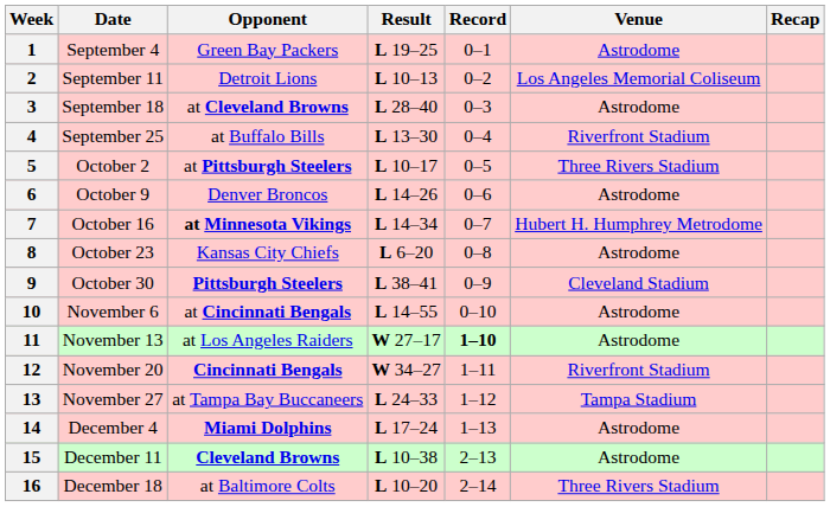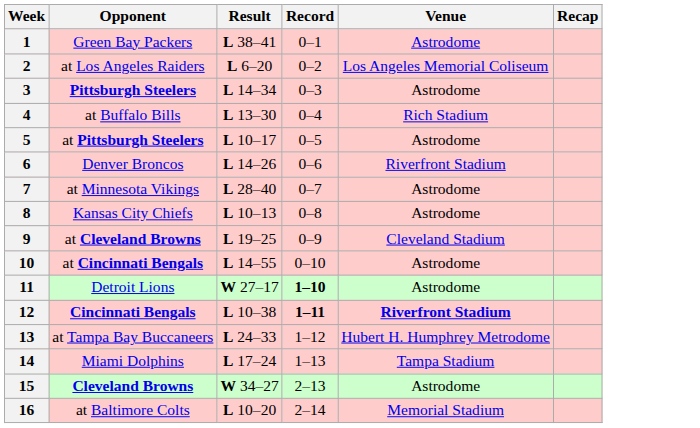 <table class="wikitable" style="text-align:center">
 <tr>
 <th>Week</th>
-<th>Date</th>
 <th>Opponent</th>
 <th>Result</th>
 <th>Record</th>
 <th>Venue</th>
 <th>Recap</th>
 </tr>
 <tr style="background: #fcc;">
 <th>1</th>
-<td>September 4</td>
 <td><a href='#'>Green Bay Packers</a></td>
-<td><strong>L</strong> 19–25 </td>
+<td><strong>L</strong> 38–41 </td>
 <td>0–1</td>
 <td><a href='#'>Astrodome</a></td>
 <td></td>
 </tr>
 <tr style="background: #fcc;">
 <th>2</th>
-<td>September 11</td>
-<td><a href='#'>Detroit Lions</a></td>
-<td><strong>L</strong> 10–13 </td>
+<td>at <a href='#'>Los Angeles Raiders</a></td>
+<td><strong> L</strong>  6–20</td>
 <td>0–2</td>
 <td><a href='#'>Los Angeles Memorial Coliseum</a></td>
 <td></td>
 </tr>
 <tr style="background: #fcc;">
 <th>3</th>
-<td>September 18</td>
-<td>at <strong><a href='#'>Cleveland Browns</a></strong></td>
-<td><strong>L</strong> 28–40</td>
+<td><strong><a href='#'>Pittsburgh Steelers</a></strong></td>
+<td><strong>L</strong> 14–34</td>
 <td>0–3</td>
 <td>Astrodome</td>
 <td></td>
 </tr>
 <tr style="background: #fcc">
 <th>4</th>
-<td>September 25</td>
 <td>at <a href='#'>Buffalo Bills</a></td>
 <td><strong>L</strong> 13–30</td>
 <td>0–4</td>
+<td><a href='#'>Rich Stadium</a></td>
+<td></td>
+</tr>
+<tr style="background: #fcc;">
+<th>5</th>
+<td>at <strong><a href='#'>Pittsburgh Steelers</a></strong></td>
+<td><strong>L</strong> 10–17</td>
+<td>0–5</td>
+<td>Astrodome</td>
+<td></td>
+</tr>
+<tr style="background: #fcc">
+<th>6</th>
+<td><a href='#'>Denver Broncos</a></td>
+<td><strong>L</strong> 14–26</td>
+<td>0–6</td>
 <td><a href='#'>Riverfront Stadium</a></td>
 <td></td>
 </tr>
 <tr style="background: #fcc;">
-<th>5</th>
-<td>October 2</td>
-<td>at <strong><a href='#'>Pittsburgh Steelers</a></strong></td>
-<td><strong>L</strong> 10–17</td>
-<td>0–5</td>
-<td><a href='#'>Three Rivers Stadium</a></td>
-<td></td>
-</tr>
-<tr style="background: #fcc">
-<th>6</th>
-<td>October 9</td>
-<td><a href='#'>Denver Broncos</a></td>
-<td><strong>L</strong> 14–26</td>
-<td>0–6</td>
+<th>7</th>
+<td>at <a href='#'>Minnesota Vikings</a></td>
+<td><strong>L</strong> 28–40</td>
+<td>0–7</td>
 <td>Astrodome</td>
 <td></td>
 </tr>
 <tr style="background: #fcc;">
-<th>7</th>
-<td>October 16</td>
-<td><strong>at <a href='#'>Minnesota Vikings</a></strong></td>
-<td><strong>L</strong> 14–34</td>
-<td>0–7</td>
-<td><a href='#'>Hubert H. Humphrey Metrodome</a></td>
-<td></td>
-</tr>
-<tr style="background: #fcc;">
 <th>8</th>
-<td>October 23</td>
 <td><a href='#'>Kansas City Chiefs</a></td>
-<td><strong> L</strong>  6–20</td>
+<td><strong>L</strong> 10–13 </td>
 <td>0–8</td>
 <td>Astrodome</td>
 <td></td>
 </tr>
 <tr style="background: #fcc;">
 <th>9</th>
-<td>October 30</td>
-<td><strong><a href='#'>Pittsburgh Steelers</a></strong></td>
-<td><strong>L</strong> 38–41 </td>
+<td>at <strong><a href='#'>Cleveland Browns</a></strong></td>
+<td><strong>L</strong> 19–25 </td>
 <td>0–9</td>
 <td><a href='#'>Cleveland Stadium</a></td>
 <td></td>
 </tr>
 <tr style="background: #fcc;">
 <th>10</th>
-<td>November 6</td>
 <td>at <strong><a href='#'>Cincinnati Bengals</a></strong></td>
 <td><strong>L</strong> 14–55</td>
 <td>0–10</td>
 <td>Astrodome</td>
 <td></td>
 </tr>
 <tr style="background: #cfc;">
 <th>11</th>
-<td>November 13</td>
-<td>at <a href='#'>Los Angeles Raiders</a></td>
+<td><a href='#'>Detroit Lions</a></td>
 <td><strong>W</strong> 27–17</td>
 <td><strong>1–10</strong></td>
 <td>Astrodome</td>
 <td></td>
 </tr>
 <tr style="background: #fcc;">
 <th>12</th>
-<td>November 20</td>
 <td><strong><a href='#'>Cincinnati Bengals</a></strong></td>
-<td><strong>W</strong> 34–27</td>
-<td>1–11</td>
-<td><a href='#'>Riverfront Stadium</a></td>
+<td><strong>L</strong> 10–38</td>
+<td><strong>1–11</strong></td>
+<td><strong><a href='#'>Riverfront Stadium</a></strong></td>
 <td></td>
 </tr>
 <tr style="background: #fcc;">
 <th>13</th>
-<td>November 27</td>
 <td>at <a href='#'>Tampa Bay Buccaneers</a></td>
 <td><strong>L</strong> 24–33</td>
 <td>1–12</td>
-<td><a href='#'>Tampa Stadium</a></td>
+<td><a href='#'>Hubert H. Humphrey Metrodome</a></td>
 <td></td>
 </tr>
 <tr style="background: #fcc;">
 <th>14</th>
-<td>December 4</td>
-<td><strong><a href='#'>Miami Dolphins</a></strong></td>
+<td><a href='#'>Miami Dolphins</a></td>
 <td><strong>L</strong> 17–24</td>
 <td>1–13</td>
-<td>Astrodome</td>
+<td><a href='#'>Tampa Stadium</a></td>
 <td></td>
 </tr>
 <tr style="background: #cfc;">
 <th>15</th>
-<td>December 11</td>
 <td><strong> <a href='#'>Cleveland Browns</a></strong></td>
-<td><strong>L</strong> 10–38</td>
+<td><strong>W</strong> 34–27</td>
 <td>2–13</td>
 <td>Astrodome</td>
 <td></td>
 </tr>
 <tr style="background: #fcc;">
 <th>16</th>
-<td>December 18</td>
 <td>at <a href='#'>Baltimore Colts</a></td>
 <td><strong>L</strong> 10–20</td>
 <td>2–14</td>
-<td><a href='#'>Three Rivers Stadium</a></td>
+<td><a href='#'>Memorial Stadium</a></td>
 <td></td>
 </tr>
 </table>
